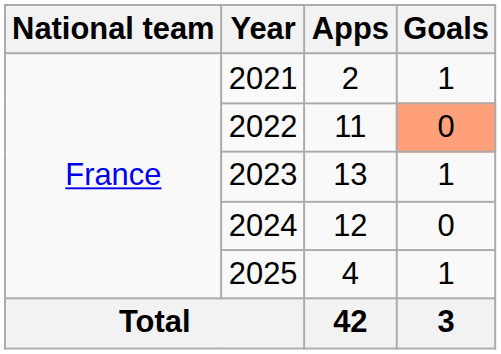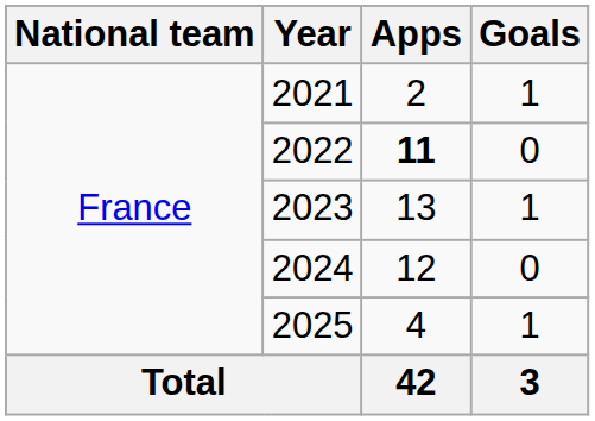 <table class="wikitable" style="text-align:center">
 <tr>
 <th>National team</th>
 <th>Year</th>
 <th>Apps</th>
 <th>Goals</th>
 </tr>
 <tr>
 <td rowspan="5"><a href='#'>France</a></td>
 <td>2021</td>
 <td>2</td>
 <td>1</td>
 </tr>
 <tr>
 <td>2022</td>
-<td>11</td>
-<td style="background: lightsalmon;">0</td>
+<td><strong>11</strong></td>
+<td>0</td>
 </tr>
 <tr>
 <td>2023</td>
 <td>13</td>
 <td>1</td>
 </tr>
 <tr>
 <td>2024</td>
 <td>12</td>
 <td>0</td>
 </tr>
 <tr>
 <td>2025</td>
 <td>4</td>
 <td>1</td>
 </tr>
 <tr>
 <th colspan="2">Total</th>
 <th>42</th>
 <th>3</th>
 </tr>
 </table>
